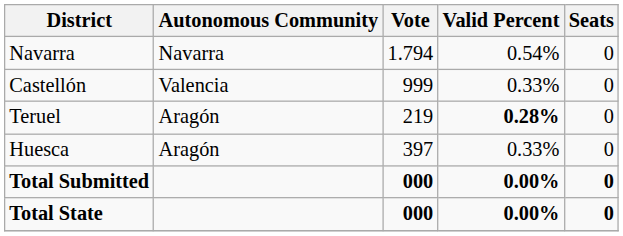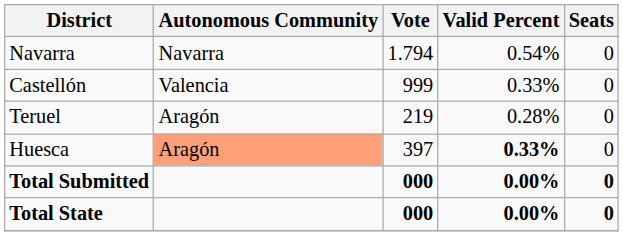 <table class = "sortable wikitable">
 <tr>
 <th>District</th>
 <th>Autonomous Community</th>
 <th>Vote</th>
 <th>Valid Percent</th>
 <th>Seats</th>
 </tr>
 <tr>
 <td>Navarra</td>
 <td>Navarra</td>
 <td align="right">1.794</td>
 <td align="right">0.54%</td>
 <td align="right">0</td>
 </tr>
 <tr>
 <td>Castellón</td>
 <td>Valencia</td>
 <td align="right">999</td>
 <td align="right">0.33%</td>
 <td align="right">0</td>
 </tr>
 <tr>
 <td>Teruel</td>
 <td>Aragón</td>
 <td align="right">219</td>
-<td align="right"><strong>0.28%</strong></td>
+<td align="right">0.28%</td>
 <td align="right">0</td>
 </tr>
 <tr>
 <td>Huesca</td>
-<td>Aragón</td>
+<td style="background: lightsalmon;">Aragón</td>
 <td align="right">397</td>
-<td align="right">0.33%</td>
+<td align="right"><strong>0.33%</strong></td>
 <td align="right">0</td>
 </tr>
 <tr>
 <td><strong>Total Submitted</strong></td>
 <td></td>
 <td align="right"><strong>000</strong></td>
 <td align="right"><strong>0.00%</strong></td>
 <td align="right"><strong>0</strong></td>
 </tr>
 <tr>
 <td><strong>Total State</strong></td>
 <td></td>
 <td align="right"><strong>000</strong></td>
 <td align="right"><strong>0.00%</strong></td>
 <td align="right"><strong>0</strong></td>
 </tr>
 <tr>
 </tr>
 </table>
